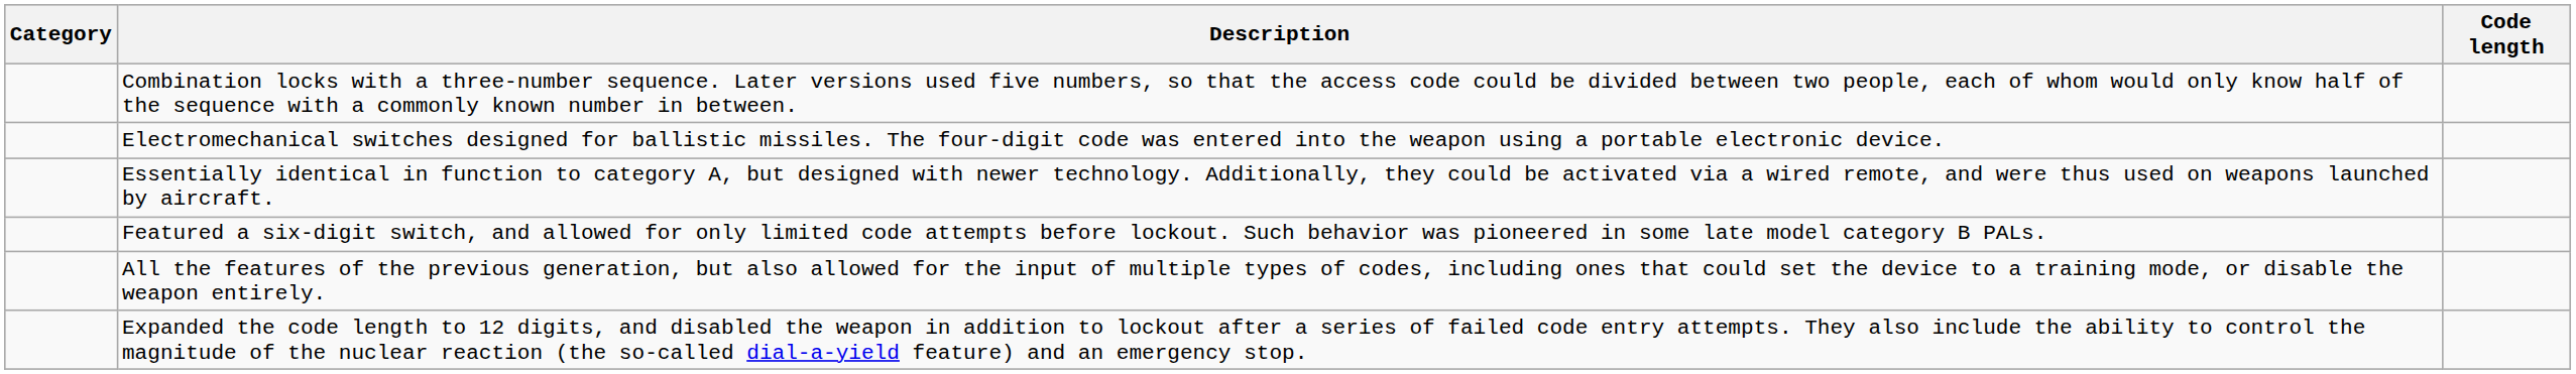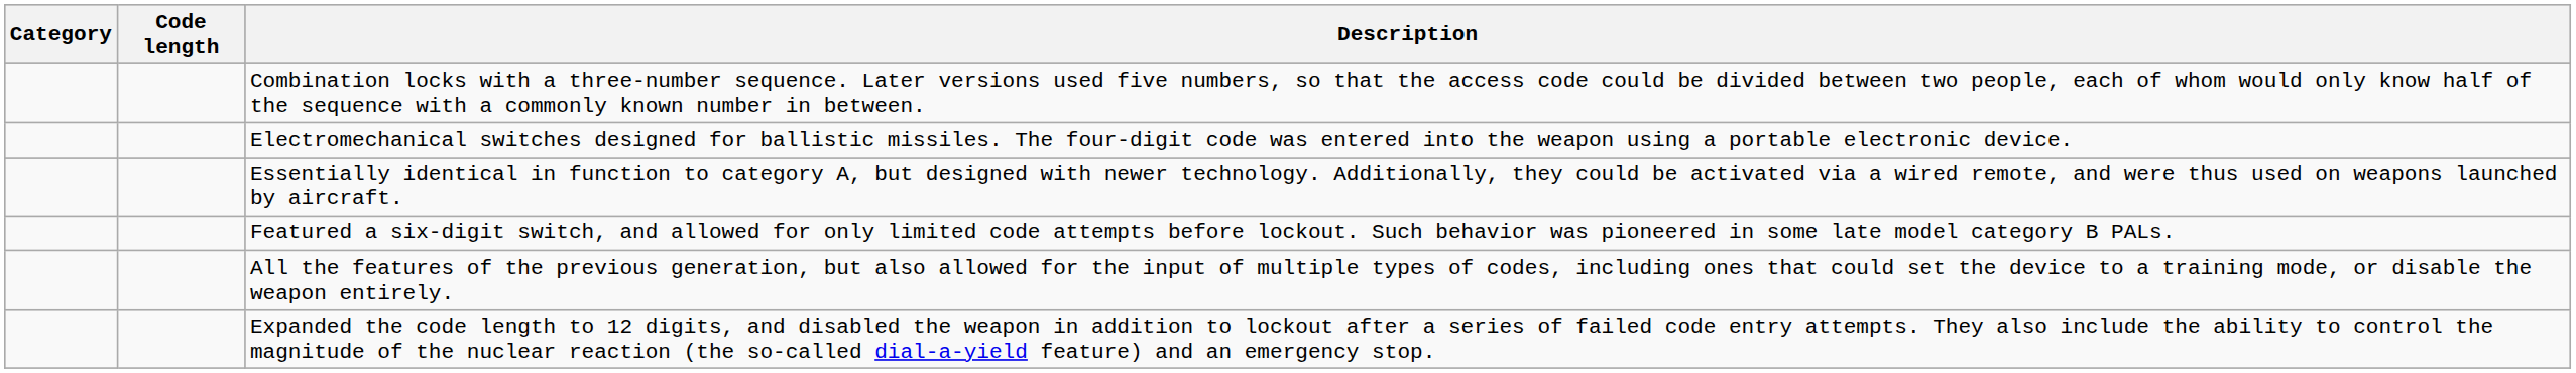 <table class="wikitable sortable" style="text-align:center">
 <tr>
 <th>Category</th>
+<th>Code length</th>
 <th class="unsortable">Description</th>
-<th>Code length</th>
 </tr>
 <tr>
 <td></td>
+<td></td>
 <td style="text-align:left;">Combination locks with a three-number sequence. Later versions used five numbers, so that the access code could be divided between two people, each of whom would only know half of the sequence with a commonly known number in between.</td>
-<td></td>
 </tr>
 <tr>
 <td></td>
+<td></td>
 <td style="text-align:left;">Electromechanical switches designed for ballistic missiles. The four-digit code was entered into the weapon using a portable electronic device.</td>
-<td></td>
 </tr>
 <tr>
 <td></td>
+<td></td>
 <td style="text-align:left;">Essentially identical in function to category A, but designed with newer technology. Additionally, they could be activated via a wired remote, and were thus used on weapons launched by aircraft.</td>
-<td></td>
 </tr>
 <tr>
 <td></td>
+<td></td>
 <td style="text-align:left;">Featured a six-digit switch, and allowed for only limited code attempts before lockout. Such behavior was pioneered in some late model category B PALs.</td>
-<td></td>
 </tr>
 <tr>
 <td></td>
+<td></td>
 <td style="text-align:left;">All the features of the previous generation, but also allowed for the input of multiple types of codes, including ones that could set the device to a training mode, or disable the weapon entirely.</td>
-<td></td>
 </tr>
 <tr>
 <td></td>
+<td></td>
 <td style="text-align:left;">Expanded the code length to 12 digits, and disabled the weapon in addition to lockout after a series of failed code entry attempts. They also include the ability to control the magnitude of the nuclear reaction (the so-called <a href='#'>dial-a-yield</a> feature) and an emergency stop.</td>
-<td></td>
 </tr>
 </table>
